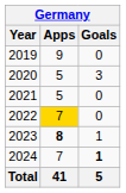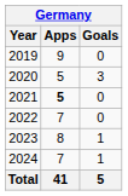 <table class="wikitable" style="text-align:center">
 <tr>
 <th colspan=3><a href='#'>Germany</a></th>
 </tr>
 <tr>
 <th>Year</th>
 <th>Apps</th>
 <th>Goals</th>
 </tr>
 <tr>
 <td>2019</td>
 <td>9</td>
 <td>0</td>
 </tr>
 <tr>
 <td>2020</td>
 <td>5</td>
 <td>3</td>
 </tr>
 <tr>
 <td>2021</td>
-<td>5</td>
+<td><strong>5</strong></td>
 <td>0</td>
 </tr>
 <tr>
 <td>2022</td>
-<td style="background: gold;">7</td>
+<td>7</td>
 <td>0</td>
 </tr>
 <tr>
 <td>2023</td>
-<td><strong>8</strong></td>
+<td>8</td>
 <td>1</td>
 </tr>
 <tr>
 <td>2024</td>
 <td>7</td>
-<td><strong>1</strong></td>
+<td>1</td>
 </tr>
 <tr>
 <th>Total</th>
 <th>41</th>
 <th>5</th>
 </tr>
 </table>
